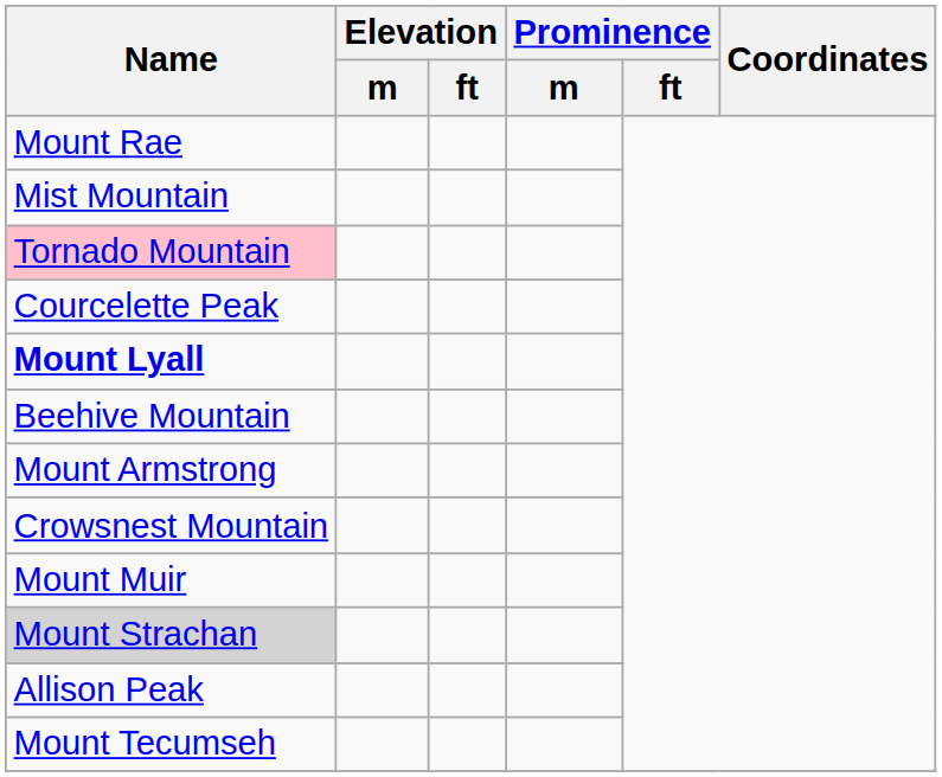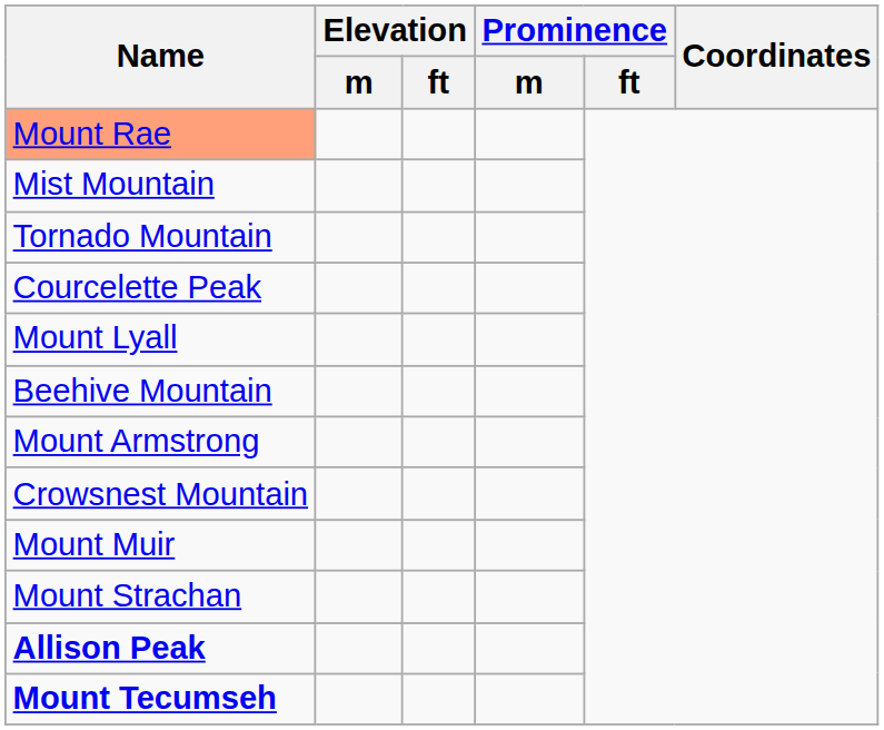 <table class="wikitable sortable">
 <tr>
 <th rowspan=2>Name</th>
 <th colspan=2>Elevation</th>
 <th colspan=2><a href='#'>Prominence</a></th>
 <th rowspan=2>Coordinates</th>
 </tr>
 <tr>
 <th>m</th>
 <th>ft</th>
 <th>m</th>
 <th>ft</th>
 </tr>
 <tr>
-<td><a href='#'>Mount Rae</a></td>
+<td style="background: lightsalmon;"><a href='#'>Mount Rae</a></td>
 <td></td>
 <td></td>
 <td></td>
 </tr>
 <tr>
 <td><a href='#'>Mist Mountain</a></td>
 <td></td>
 <td></td>
 <td></td>
 </tr>
 <tr>
-<td style="background: pink;"><a href='#'>Tornado Mountain</a></td>
+<td><a href='#'>Tornado Mountain</a></td>
 <td></td>
 <td></td>
 <td></td>
 </tr>
 <tr>
 <td><a href='#'>Courcelette Peak</a></td>
 <td></td>
 <td></td>
 <td></td>
 </tr>
 <tr>
-<td><strong><a href='#'>Mount Lyall</a></strong></td>
+<td><a href='#'>Mount Lyall</a></td>
 <td></td>
 <td></td>
 <td></td>
 </tr>
 <tr>
 <td><a href='#'>Beehive Mountain</a></td>
 <td></td>
 <td></td>
 <td></td>
 </tr>
 <tr>
 <td><a href='#'>Mount Armstrong</a></td>
 <td></td>
 <td></td>
 <td></td>
 </tr>
 <tr>
 <td><a href='#'>Crowsnest Mountain</a></td>
 <td></td>
 <td></td>
 <td></td>
 </tr>
 <tr>
 <td><a href='#'>Mount Muir</a></td>
 <td></td>
 <td></td>
 <td></td>
 </tr>
 <tr>
-<td style="background: lightgrey;"><a href='#'>Mount Strachan</a></td>
+<td><a href='#'>Mount Strachan</a></td>
 <td></td>
 <td></td>
 <td></td>
 </tr>
 <tr>
-<td><a href='#'>Allison Peak</a></td>
+<td><strong><a href='#'>Allison Peak</a></strong></td>
 <td></td>
 <td></td>
 <td></td>
 </tr>
 <tr>
-<td><a href='#'>Mount Tecumseh</a></td>
+<td><strong><a href='#'>Mount Tecumseh</a></strong></td>
 <td></td>
 <td></td>
 <td></td>
 </tr>
 </table>
